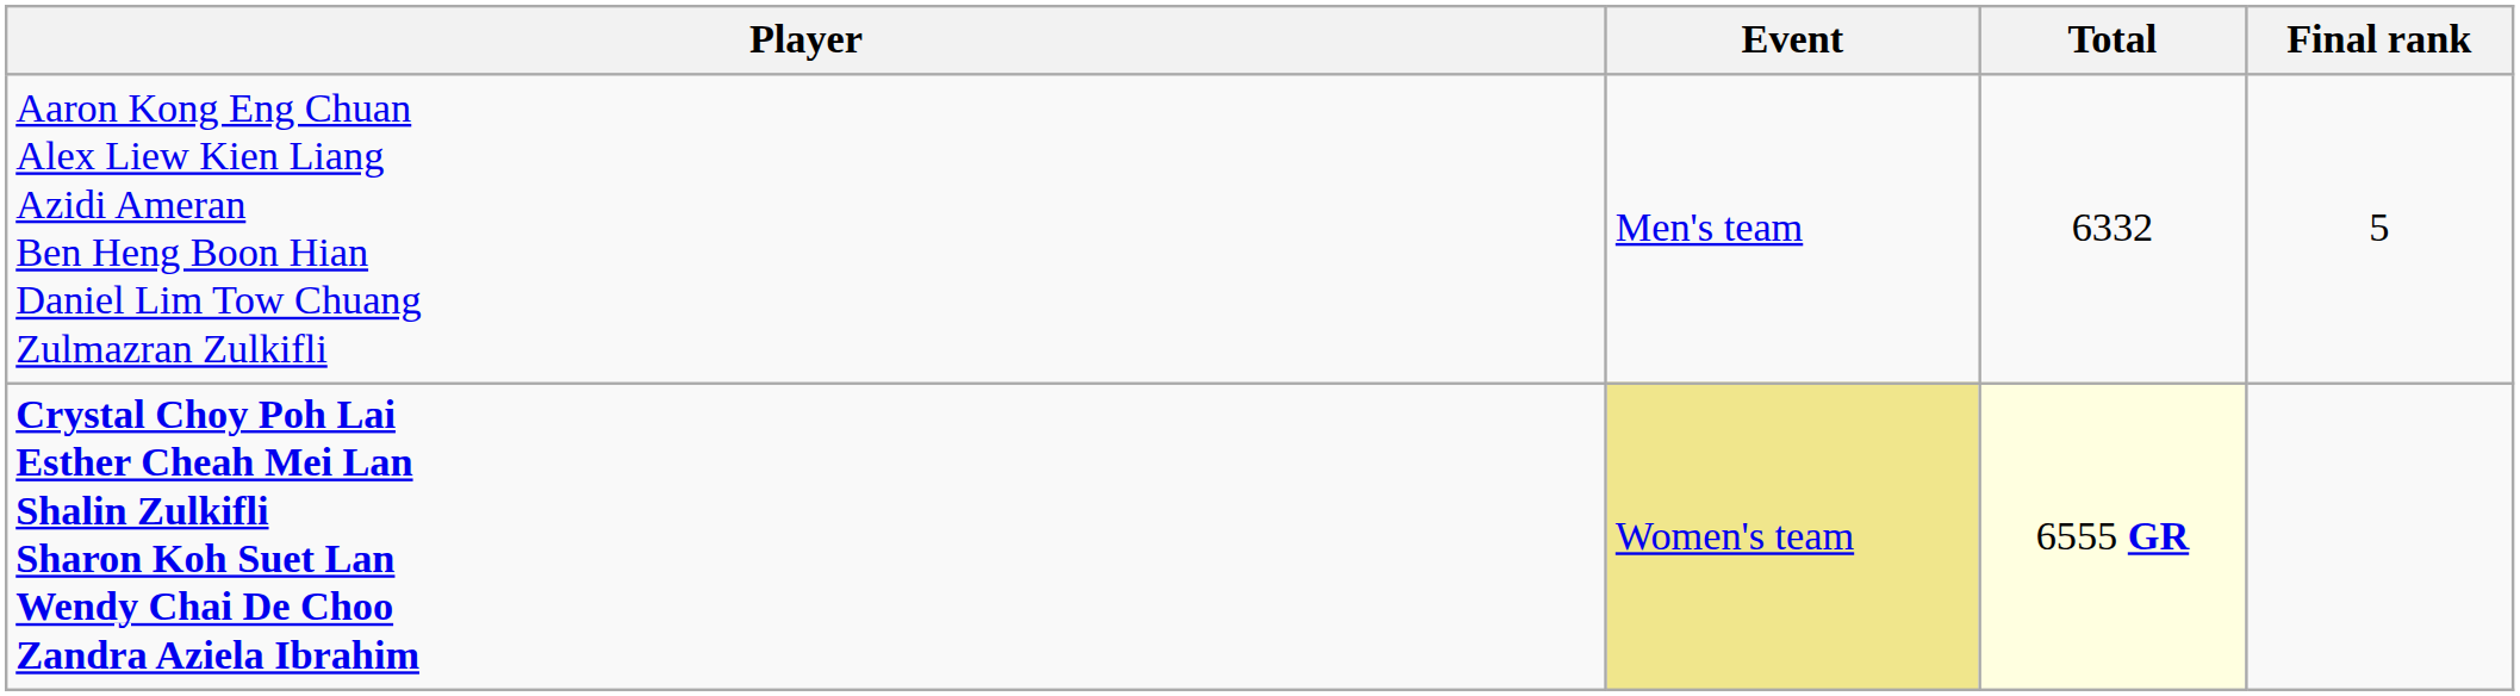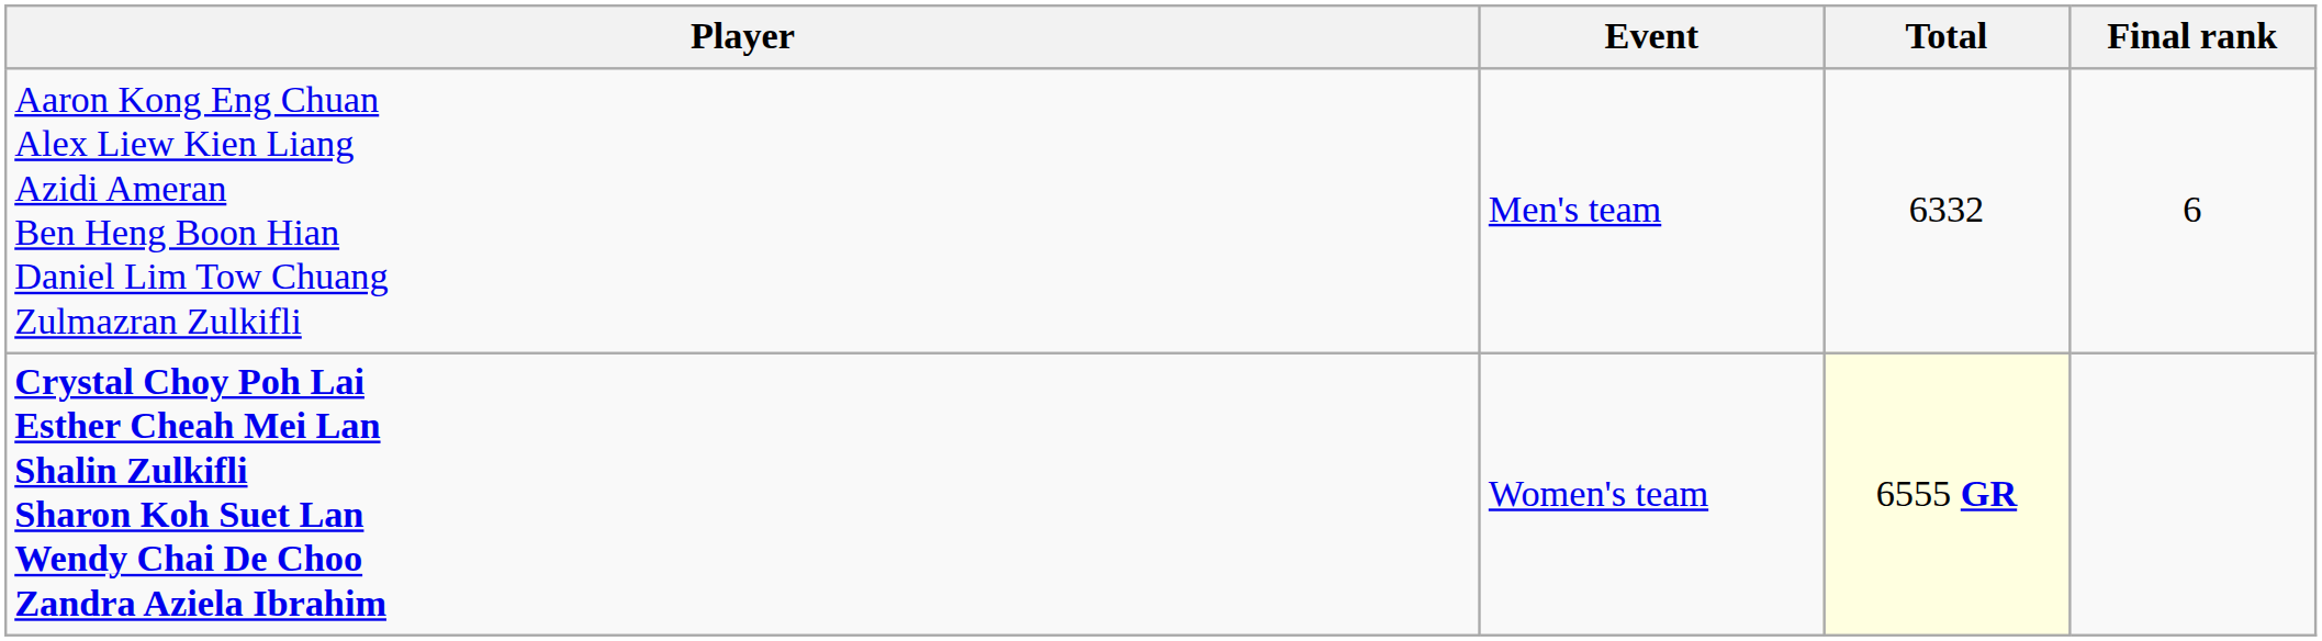 <table class="wikitable" width="70%" style="text-align:center; font-size:90%">
 <tr>
 <th width="30%">Player</th>
 <th width="7%">Event</th>
 <th width="5%">Total</th>
 <th width="5%">Final rank</th>
 </tr>
 <tr>
 <td align=left><a href='#'>Aaron Kong Eng Chuan</a><br><a href='#'>Alex Liew Kien Liang</a><br><a href='#'>Azidi Ameran</a><br><a href='#'>Ben Heng Boon Hian</a><br><a href='#'>Daniel Lim Tow Chuang</a><br><a href='#'>Zulmazran Zulkifli</a></td>
 <td align="left"><a href='#'>Men's team</a></td>
 <td>6332</td>
-<td>5</td>
+<td>6</td>
 </tr>
 <tr>
 <td align=left><strong><a href='#'>Crystal Choy Poh Lai</a><br><a href='#'>Esther Cheah Mei Lan</a><br><a href='#'>Shalin Zulkifli</a><br><a href='#'>Sharon Koh Suet Lan</a><br><a href='#'>Wendy Chai De Choo</a><br><a href='#'>Zandra Aziela Ibrahim</a></strong></td>
-<td align=left style="background: khaki;"><a href='#'>Women's team</a></td>
+<td align=left><a href='#'>Women's team</a></td>
 <td style="background: lightyellow;">6555 <strong><a href='#'>GR</a></strong></td>
 <td></td>
 </tr>
 </table>
